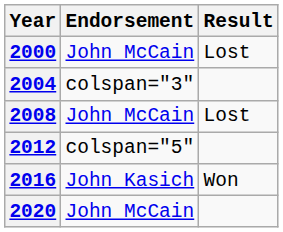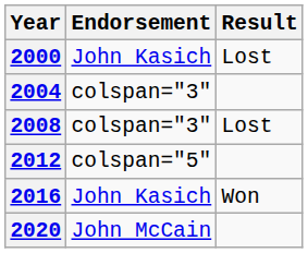 <table class="wikitable sortable">
 <tr>
 <th scope=col>Year</th>
 <th scope=col>Endorsement</th>
 <th scope=col>Result</th>
 </tr>
 <tr>
 <th scope=row><a href='#'>2000</a></th>
-<td data-sort-value="McCain, John"><a href='#'>John McCain</a></td>
+<td data-sort-value="Kasich, John"><a href='#'>John Kasich</a></td>
 <td>Lost</td>
 </tr>
 <tr>
 <th scope=row><a href='#'>2004</a></th>
 <td>colspan="3" </td>
 </tr>
 <tr>
 <th scope=row><a href='#'>2008</a></th>
-<td data-sort-value="McCain, John"><a href='#'>John McCain</a></td>
+<td>colspan="3" </td>
 <td>Lost</td>
 </tr>
 <tr>
 <th scope=row><a href='#'>2012</a></th>
 <td>colspan="5" </td>
 </tr>
 <tr>
 <th scope=row><a href='#'>2016</a></th>
 <td data-sort-value="Kasich, John"><a href='#'>John Kasich</a></td>
 <td>Won</td>
 </tr>
 <tr>
 <th scope=row><a href='#'>2020</a></th>
 <td data-sort-value="McCain, John"><a href='#'>John McCain</a></td>
 </tr>
 </table>
